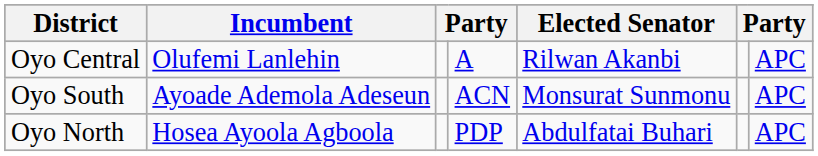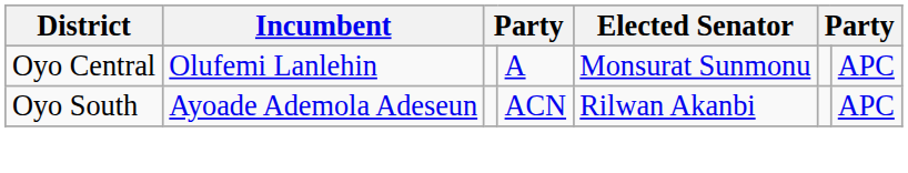 <table class="sortable wikitable" style="font-size:95%;line-height:14px;">
 <tr>
 <th class="unsortable">District</th>
 <th class="unsortable"><a href='#'>Incumbent</a></th>
 <th colspan="2">Party</th>
 <th class="unsortable">Elected Senator</th>
 <th colspan="2">Party</th>
 </tr>
 <tr>
 <td>Oyo Central</td>
 <td><a href='#'>Olufemi Lanlehin</a></td>
 <td style="background:"></td>
 <td><a href='#'>A</a></td>
-<td><a href='#'>Rilwan Akanbi</a></td>
+<td><a href='#'>Monsurat Sunmonu</a></td>
 <td style="background:"></td>
 <td><a href='#'>APC</a></td>
 </tr>
 <tr>
 <td>Oyo South</td>
 <td><a href='#'>Ayoade Ademola Adeseun</a></td>
 <td style="background:"></td>
 <td><a href='#'>ACN</a></td>
-<td><a href='#'>Monsurat Sunmonu</a></td>
-<td style="background:"></td>
-<td><a href='#'>APC</a></td>
-</tr>
-<tr>
-<td>Oyo North</td>
-<td><a href='#'>Hosea Ayoola Agboola</a></td>
-<td style="background:"></td>
-<td><a href='#'>PDP</a></td>
-<td><a href='#'>Abdulfatai Buhari</a></td>
+<td><a href='#'>Rilwan Akanbi</a></td>
 <td style="background:"></td>
 <td><a href='#'>APC</a></td>
 </tr>
 </table>
